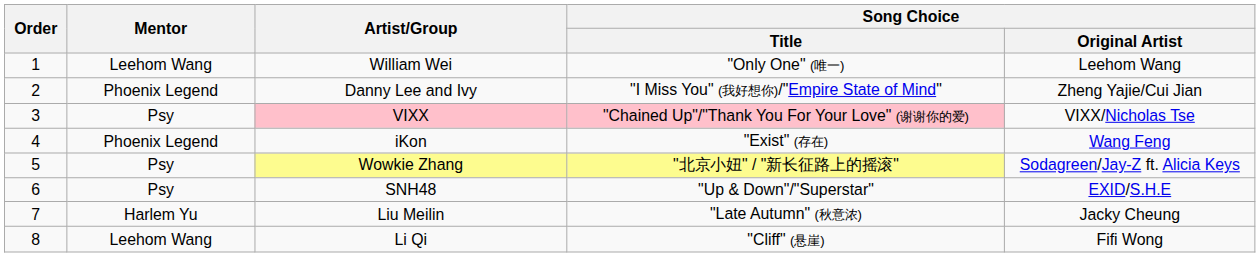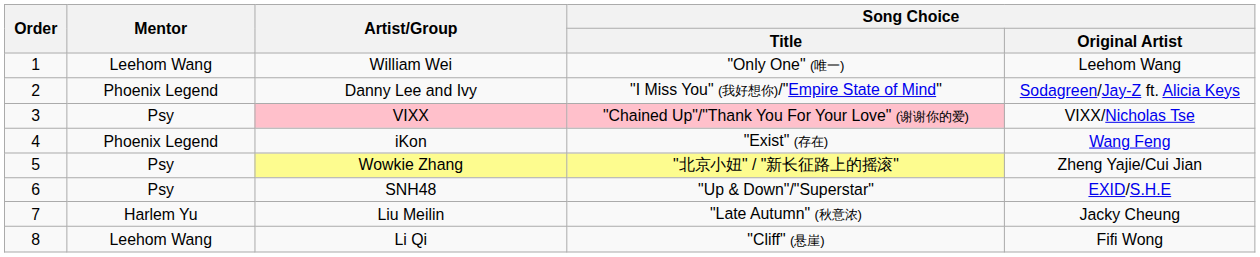 <table class="wikitable" style="text-align:center; line-height:17px; font-size:100%; width:100%;">
 <tr>
 <th scope="col" rowspan="2" width="05%">Order</th>
 <th scope="col" rowspan="2" width="15%">Mentor</th>
 <th scope="col" rowspan="2" width="25%">Artist/Group</th>
 <th scope="col" colspan="2">Song Choice</th>
 </tr>
 <tr>
 <th scope="col" width="35%">Title</th>
 <th scope="col" width="20%">Original Artist</th>
 </tr>
 <tr>
 <td scope="row">1</td>
 <td scope="row">Leehom Wang</td>
 <td scope="row">William Wei</td>
 <td scope="row">"Only One" <small>(唯一)</small></td>
 <td scope="row">Leehom Wang</td>
 </tr>
 <tr>
 <td scope="row">2</td>
 <td scope="row">Phoenix Legend</td>
 <td scope="row">Danny Lee and Ivy</td>
 <td scope="row">"I Miss You" <small>(我好想你)</small>/"<a href='#'>Empire State of Mind</a>"</td>
-<td scope="row">Zheng Yajie/Cui Jian</td>
+<td scope="row"><a href='#'>Sodagreen</a>/<a href='#'>Jay-Z</a> ft. <a href='#'>Alicia Keys</a></td>
 </tr>
 <tr>
 <td scope="row">3</td>
 <td scope="row">Psy</td>
 <td style="background:pink; scope:row">VIXX</td>
 <td style="background:pink; scope:row">"Chained Up"/"Thank You For Your Love" <small>(谢谢你的爱)</small></td>
 <td scope="row">VIXX/<a href='#'>Nicholas Tse</a></td>
 </tr>
 <tr>
 <td scope="row">4</td>
 <td scope="row">Phoenix Legend</td>
 <td scope="row">iKon</td>
 <td scope="row">"Exist" <small>(存在)</small></td>
 <td scope="row"><a href='#'>Wang Feng</a></td>
 </tr>
 <tr>
 <td scope="row">5</td>
 <td scope="row">Psy</td>
 <td style="background:#fdfc8f; scope:row">Wowkie Zhang</td>
 <td style="background:#fdfc8f; scope:row">"北京小妞" / "新长征路上的摇滚"</td>
-<td scope="row"><a href='#'>Sodagreen</a>/<a href='#'>Jay-Z</a> ft. <a href='#'>Alicia Keys</a></td>
+<td scope="row">Zheng Yajie/Cui Jian</td>
 </tr>
 <tr>
 <td scope="row">6</td>
 <td scope="row">Psy</td>
 <td scope="row">SNH48</td>
 <td scope="row">"Up & Down"/"Superstar"</td>
 <td scope="row"><a href='#'>EXID</a>/<a href='#'>S.H.E</a></td>
 </tr>
 <tr>
 <td scope="row">7</td>
 <td scope="row">Harlem Yu</td>
 <td scope="row">Liu Meilin</td>
 <td scope="row">"Late Autumn" <small>(秋意浓)</small></td>
 <td scope="row">Jacky Cheung</td>
 </tr>
 <tr>
 <td scope="row">8</td>
 <td scope="row">Leehom Wang</td>
 <td scope="row">Li Qi</td>
 <td scope="row">"Cliff" <small>(悬崖)</small></td>
 <td scope="row">Fifi Wong</td>
 </tr>
 </table>
